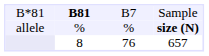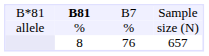 <table border="0" cellspacing="0" cellpadding="0" align="left" style="text-align:center; background:#ffffff; margin-right: 1em; border:2px #e0e0ff solid;">
 <tr style="background:#f0f0ff">
 <td style="width:60px">B*81</td>
 <td style="width:60px"><strong>B81</strong></td>
 <td style="width:60px">B7</td>
 <td style="width:60px">Sample</td>
 </tr>
 <tr style="background:#f0f0ff">
 <td>allele</td>
 <td>%</td>
 <td>%</td>
-<td><strong>size (N)</strong></td>
+<td>size (N)</td>
 </tr>
 <tr>
 <td style = "background:#e8e8f8"></td>
 <td>8</td>
 <td>76</td>
 <td>657</td>
 </tr>
 </table>
